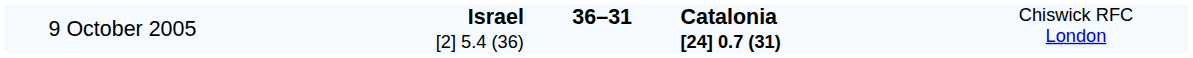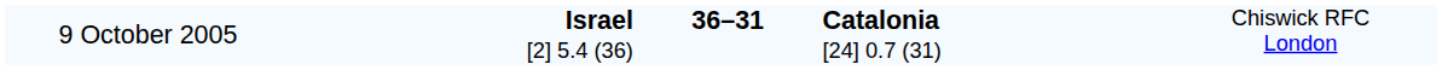 <table style="width: 100%; background:#F5FAFF;" cellspacing="0">
 <tr>
 <td align=center rowspan=3 width=20%>9 October 2005</td>
 </tr>
 <tr>
 <td width=24% align=right><strong>Israel</strong></td>
 <td align=center width=13%><strong>36–31</strong></td>
 <td width=24%><strong>Catalonia</strong></td>
 <td style=font-size:85% rowspan=3 valign=top align=center>Chiswick RFC<br><a href='#'>London</a></td>
 </tr>
 <tr style=font-size:85%>
 <td align=right>[2] 5.4 (36)</td>
 <td></td>
-<td><strong>[24] 0.7 (31)</strong></td>
+<td>[24] 0.7 (31)</td>
 </tr>
 </table>
